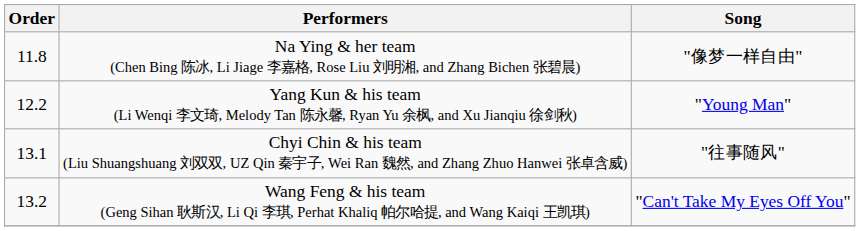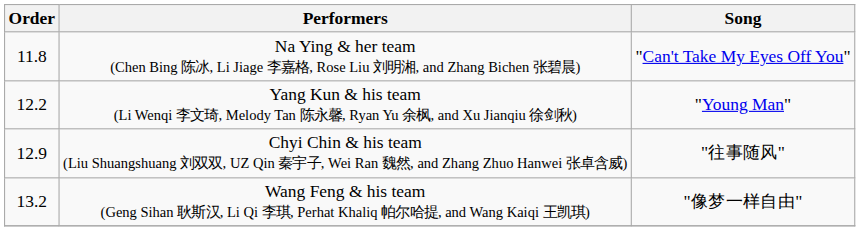 <table class="wikitable" style="text-align:center;">
 <tr>
 <th>Order</th>
 <th>Performers</th>
 <th>Song</th>
 </tr>
 <tr>
 <td>11.8</td>
 <td>Na Ying & her team <br><small>(Chen Bing 陈冰, Li Jiage 李嘉格, Rose Liu 刘明湘, and Zhang Bichen 张碧晨)</small></td>
-<td>"像梦一样自由"</td>
+<td>"<a href='#'>Can't Take My Eyes Off You</a>"</td>
 </tr>
 <tr>
 <td>12.2</td>
 <td>Yang Kun & his team <br><small>(Li Wenqi 李文琦, Melody Tan 陈永馨, Ryan Yu 余枫, and Xu Jianqiu 徐剑秋)</small></td>
 <td>"<a href='#'>Young Man</a>"</td>
 </tr>
 <tr>
-<td>13.1</td>
+<td>12.9</td>
 <td>Chyi Chin & his team <br><small>(Liu Shuangshuang 刘双双, UZ Qin 秦宇子, Wei Ran 魏然, and Zhang Zhuo Hanwei 张卓含威)</small></td>
 <td>"往事随风"</td>
 </tr>
 <tr>
 <td>13.2</td>
 <td>Wang Feng & his team <br><small>(Geng Sihan 耿斯汉, Li Qi 李琪, Perhat Khaliq 帕尔哈提, and Wang Kaiqi 王凯琪)</small></td>
-<td>"<a href='#'>Can't Take My Eyes Off You</a>"</td>
+<td>"像梦一样自由"</td>
 </tr>
 <tr>
 </tr>
 </table>
